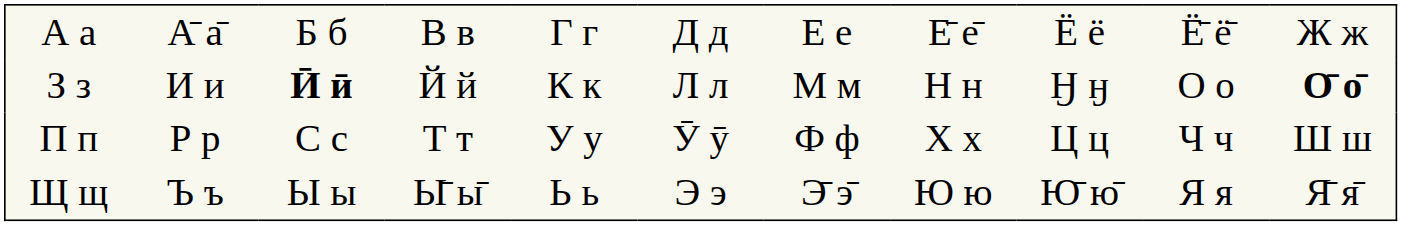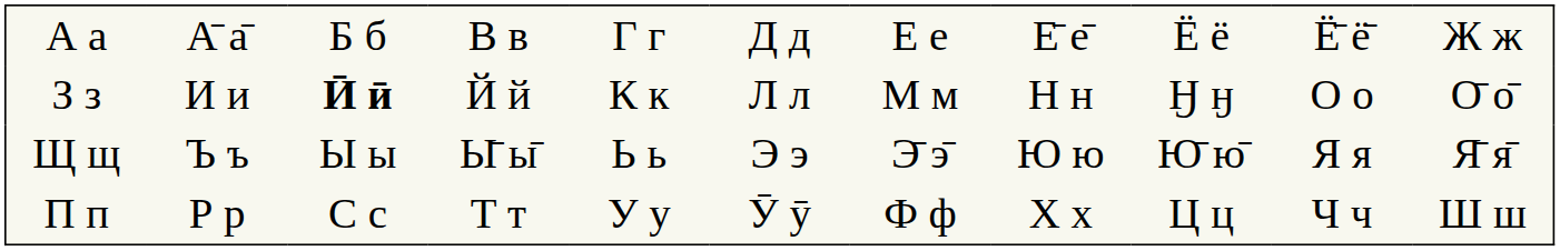 <table class="standard" cellpadding="5" style="font-family:Arial Unicode MS; font-size:1.5em; border-color:#000000; border-width:1px; border-style:solid; border-collapse:collapse; background-color:#F8F8EF">
 <tr>
 <td style="width:3em; text-align:center; padding: 3px;">А а</td>
 <td style="width:3em; text-align:center; padding: 3px;">А̄ а̄</td>
 <td style="width:3em; text-align:center; padding: 3px;">Б б</td>
 <td style="width:3em; text-align:center; padding: 3px;">В в</td>
 <td style="width:3em; text-align:center; padding: 3px;">Г г</td>
 <td style="width:3em; text-align:center; padding: 3px;">Д д</td>
 <td style="width:3em; text-align:center; padding: 3px;">Е е</td>
 <td style="width:3em; text-align:center; padding: 3px;">Е̄ е̄</td>
 <td style="width:3em; text-align:center; padding: 3px;">Ё ё</td>
 <td style="width:3em; text-align:center; padding: 3px;">Ё̄ ё̄</td>
 <td style="width:3em; text-align:center; padding: 3px;">Ж ж</td>
 </tr>
 <tr>
 <td style="width:3em; text-align:center; padding: 3px;">З з</td>
 <td style="width:3em; text-align:center; padding: 3px;">И и</td>
 <td style="width:3em; text-align:center; padding: 3px;"><strong>Ӣ ӣ</strong></td>
 <td style="width:3em; text-align:center; padding: 3px;">Й й</td>
 <td style="width:3em; text-align:center; padding: 3px;">К к</td>
 <td style="width:3em; text-align:center; padding: 3px;">Л л</td>
 <td style="width:3em; text-align:center; padding: 3px;">М м</td>
 <td style="width:3em; text-align:center; padding: 3px;">Н н</td>
 <td style="width:3em; text-align:center; padding: 3px;">Ӈ ӈ</td>
 <td style="width:3em; text-align:center; padding: 3px;">О о</td>
-<td style="width:3em; text-align:center; padding: 3px;"><strong>О̄ о̄</strong></td>
+<td style="width:3em; text-align:center; padding: 3px;">О̄ о̄</td>
+</tr>
+<tr>
+<td style="width:3em; text-align:center; padding: 3px;">Щ щ</td>
+<td style="width:3em; text-align:center; padding: 3px;">Ъ ъ</td>
+<td style="width:3em; text-align:center; padding: 3px;">Ы ы</td>
+<td style="width:3em; text-align:center; padding: 3px;">Ы̄ ы̄</td>
+<td style="width:3em; text-align:center; padding: 3px;">Ь ь</td>
+<td style="width:3em; text-align:center; padding: 3px;">Э э</td>
+<td style="width:3em; text-align:center; padding: 3px;">Э̄ э̄</td>
+<td style="width:3em; text-align:center; padding: 3px;">Ю ю</td>
+<td style="width:3em; text-align:center; padding: 3px;">Ю̄ ю̄</td>
+<td style="width:3em; text-align:center; padding: 3px;">Я я</td>
+<td style="width:3em; text-align:center; padding: 3px;">Я̄ я̄</td>
 </tr>
 <tr>
 <td style="width:3em; text-align:center; padding: 3px;">П п</td>
 <td style="width:3em; text-align:center; padding: 3px;">Р р</td>
 <td style="width:3em; text-align:center; padding: 3px;">С с</td>
 <td style="width:3em; text-align:center; padding: 3px;">Т т</td>
 <td style="width:3em; text-align:center; padding: 3px;">У у</td>
 <td style="width:3em; text-align:center; padding: 3px;">Ӯ ӯ</td>
 <td style="width:3em; text-align:center; padding: 3px;">Ф ф</td>
 <td style="width:3em; text-align:center; padding: 3px;">Х х</td>
 <td style="width:3em; text-align:center; padding: 3px;">Ц ц</td>
 <td style="width:3em; text-align:center; padding: 3px;">Ч ч</td>
 <td style="width:3em; text-align:center; padding: 3px;">Ш ш</td>
 </tr>
-<tr>
-<td style="width:3em; text-align:center; padding: 3px;">Щ щ</td>
-<td style="width:3em; text-align:center; padding: 3px;">Ъ ъ</td>
-<td style="width:3em; text-align:center; padding: 3px;">Ы ы</td>
-<td style="width:3em; text-align:center; padding: 3px;">Ы̄ ы̄</td>
-<td style="width:3em; text-align:center; padding: 3px;">Ь ь</td>
-<td style="width:3em; text-align:center; padding: 3px;">Э э</td>
-<td style="width:3em; text-align:center; padding: 3px;">Э̄ э̄</td>
-<td style="width:3em; text-align:center; padding: 3px;">Ю ю</td>
-<td style="width:3em; text-align:center; padding: 3px;">Ю̄ ю̄</td>
-<td style="width:3em; text-align:center; padding: 3px;">Я я</td>
-<td style="width:3em; text-align:center; padding: 3px;">Я̄ я̄</td>
-</tr>
 </table>
